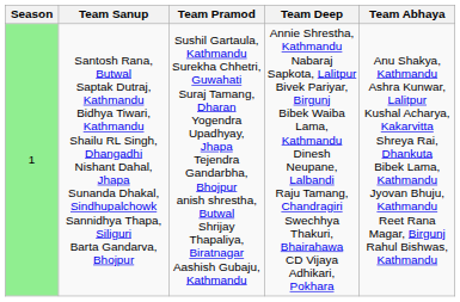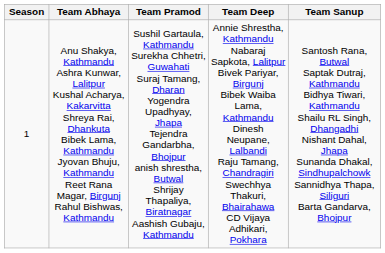 <table class="wikitable plainrowheaders" style="text-align:center">
 <tr>
 <th style="width:5%;" scope="col">Season</th>
-<th style="width:17%;" scope="col">Team Sanup</th>
+<th style="width:17%;" scope="col">Team Abhaya</th>
 <th style="width:17%;" scope="col">Team Pramod</th>
 <th style="width:17%;" scope="col">Team Deep</th>
-<th style="width:17%;" scope="col">Team Abhaya</th>
+<th style="width:17%;" scope="col">Team Sanup</th>
 </tr>
 <tr>
-<td scope="row" style="background: lightgreen;">1</td>
-<td>Santosh Rana, <a href='#'>Butwal</a><br>Saptak Dutraj, <a href='#'>Kathmandu</a><br>Bidhya Tiwari, <a href='#'>Kathmandu</a><br>Shailu RL Singh, <a href='#'>Dhangadhi</a><br>Nishant Dahal, <a href='#'>Jhapa</a><br>Sunanda Dhakal, <a href='#'>Sindhupalchowk</a><br>Sannidhya Thapa, <a href='#'>Siliguri</a><br>Barta Gandarva, <a href='#'>Bhojpur</a></td>
+<td scope="row">1</td>
+<td>Anu Shakya, <a href='#'>Kathmandu</a> <br>Ashra Kunwar, <a href='#'>Lalitpur</a><br>Kushal Acharya, <a href='#'>Kakarvitta</a><br>Shreya Rai, <a href='#'>Dhankuta</a><br>Bibek Lama, <a href='#'>Kathmandu</a><br>Jyovan Bhuju, <a href='#'>Kathmandu</a><br>Reet Rana Magar, <a href='#'>Birgunj</a><br>Rahul Bishwas, <a href='#'>Kathmandu</a><br></td>
 <td>Sushil Gartaula, <a href='#'>Kathmandu</a> <br>Surekha Chhetri, <a href='#'>Guwahati</a><br>Suraj Tamang, <a href='#'>Dharan</a><br>Yogendra Upadhyay, <a href='#'>Jhapa</a><br>Tejendra Gandarbha, <a href='#'>Bhojpur</a><br>anish shrestha, <a href='#'>Butwal</a><br>Shrijay Thapaliya, <a href='#'>Biratnagar</a><br>Aashish Gubaju, <a href='#'>Kathmandu</a></td>
 <td>Annie Shrestha, <a href='#'>Kathmandu</a><br>Nabaraj Sapkota, <a href='#'>Lalitpur</a> <br>Bivek Pariyar, <a href='#'>Birgunj</a><br>Bibek Waiba Lama, <a href='#'>Kathmandu</a><br>Dinesh Neupane, <a href='#'>Lalbandi</a><br>Raju Tamang, <a href='#'>Chandragiri</a><br>Swechhya Thakuri, <a href='#'>Bhairahawa</a><br>CD Vijaya Adhikari, <a href='#'>Pokhara</a></td>
-<td>Anu Shakya, <a href='#'>Kathmandu</a> <br>Ashra Kunwar, <a href='#'>Lalitpur</a><br>Kushal Acharya, <a href='#'>Kakarvitta</a><br>Shreya Rai, <a href='#'>Dhankuta</a><br>Bibek Lama, <a href='#'>Kathmandu</a><br>Jyovan Bhuju, <a href='#'>Kathmandu</a><br>Reet Rana Magar, <a href='#'>Birgunj</a><br>Rahul Bishwas, <a href='#'>Kathmandu</a><br></td>
+<td>Santosh Rana, <a href='#'>Butwal</a><br>Saptak Dutraj, <a href='#'>Kathmandu</a><br>Bidhya Tiwari, <a href='#'>Kathmandu</a><br>Shailu RL Singh, <a href='#'>Dhangadhi</a><br>Nishant Dahal, <a href='#'>Jhapa</a><br>Sunanda Dhakal, <a href='#'>Sindhupalchowk</a><br>Sannidhya Thapa, <a href='#'>Siliguri</a><br>Barta Gandarva, <a href='#'>Bhojpur</a></td>
 </tr>
 </table>
